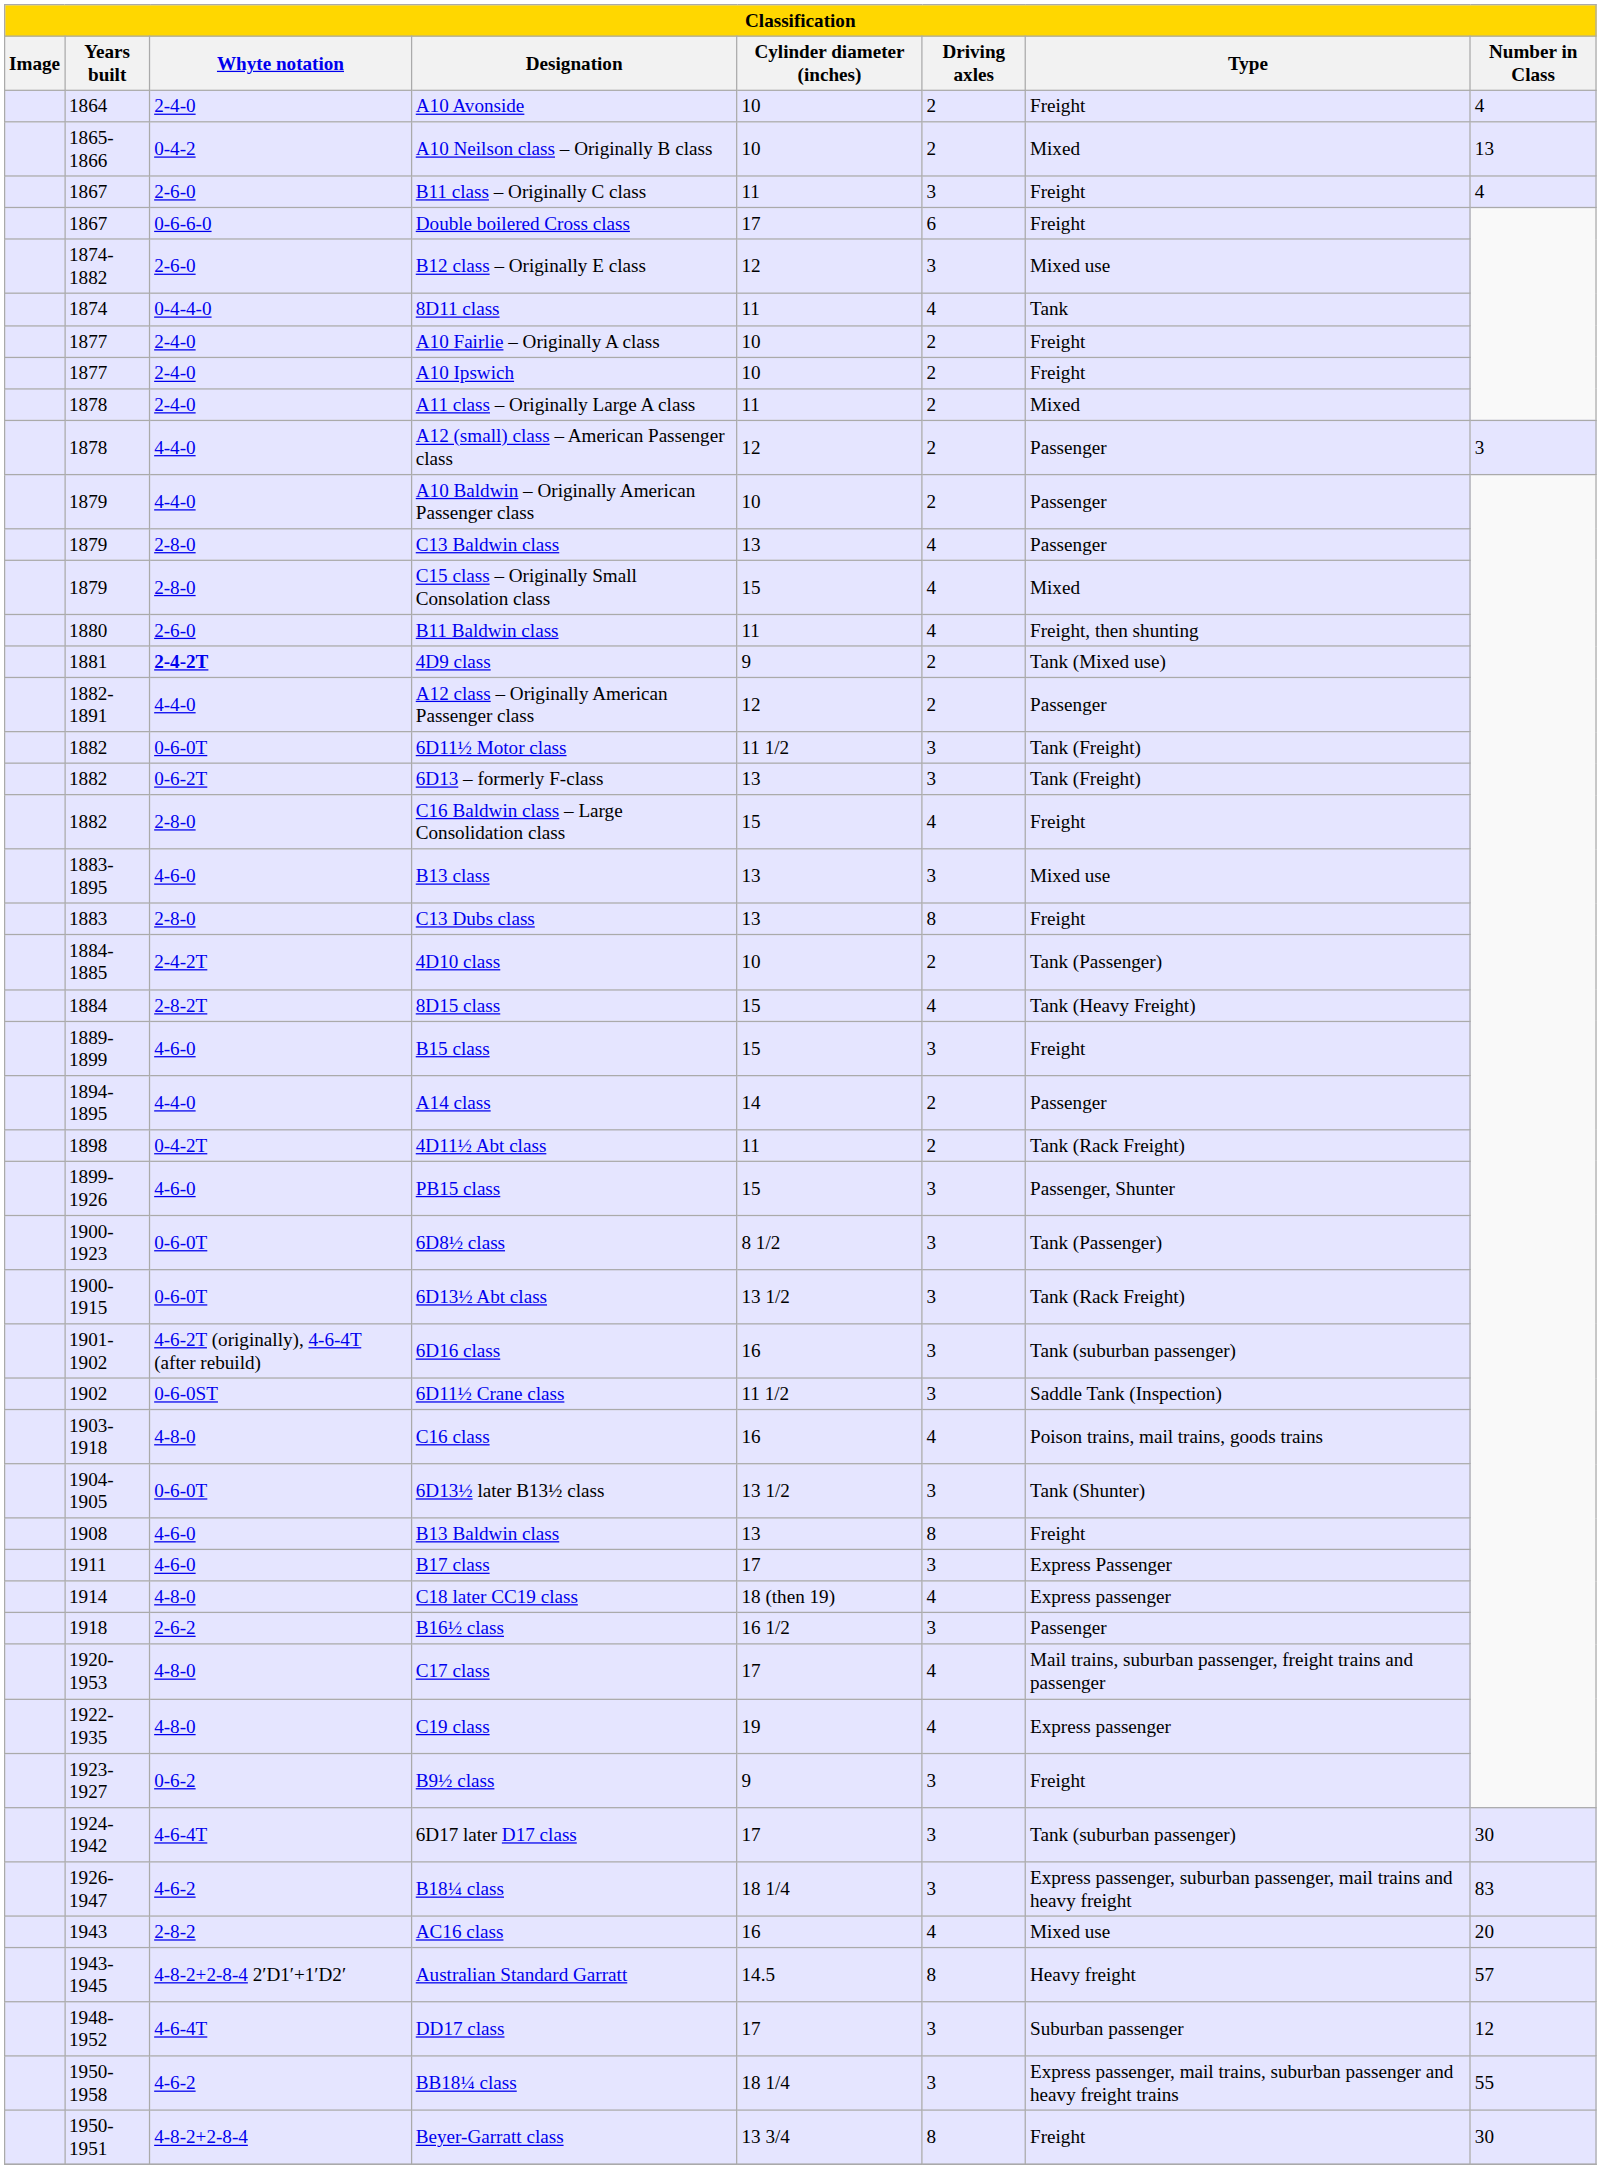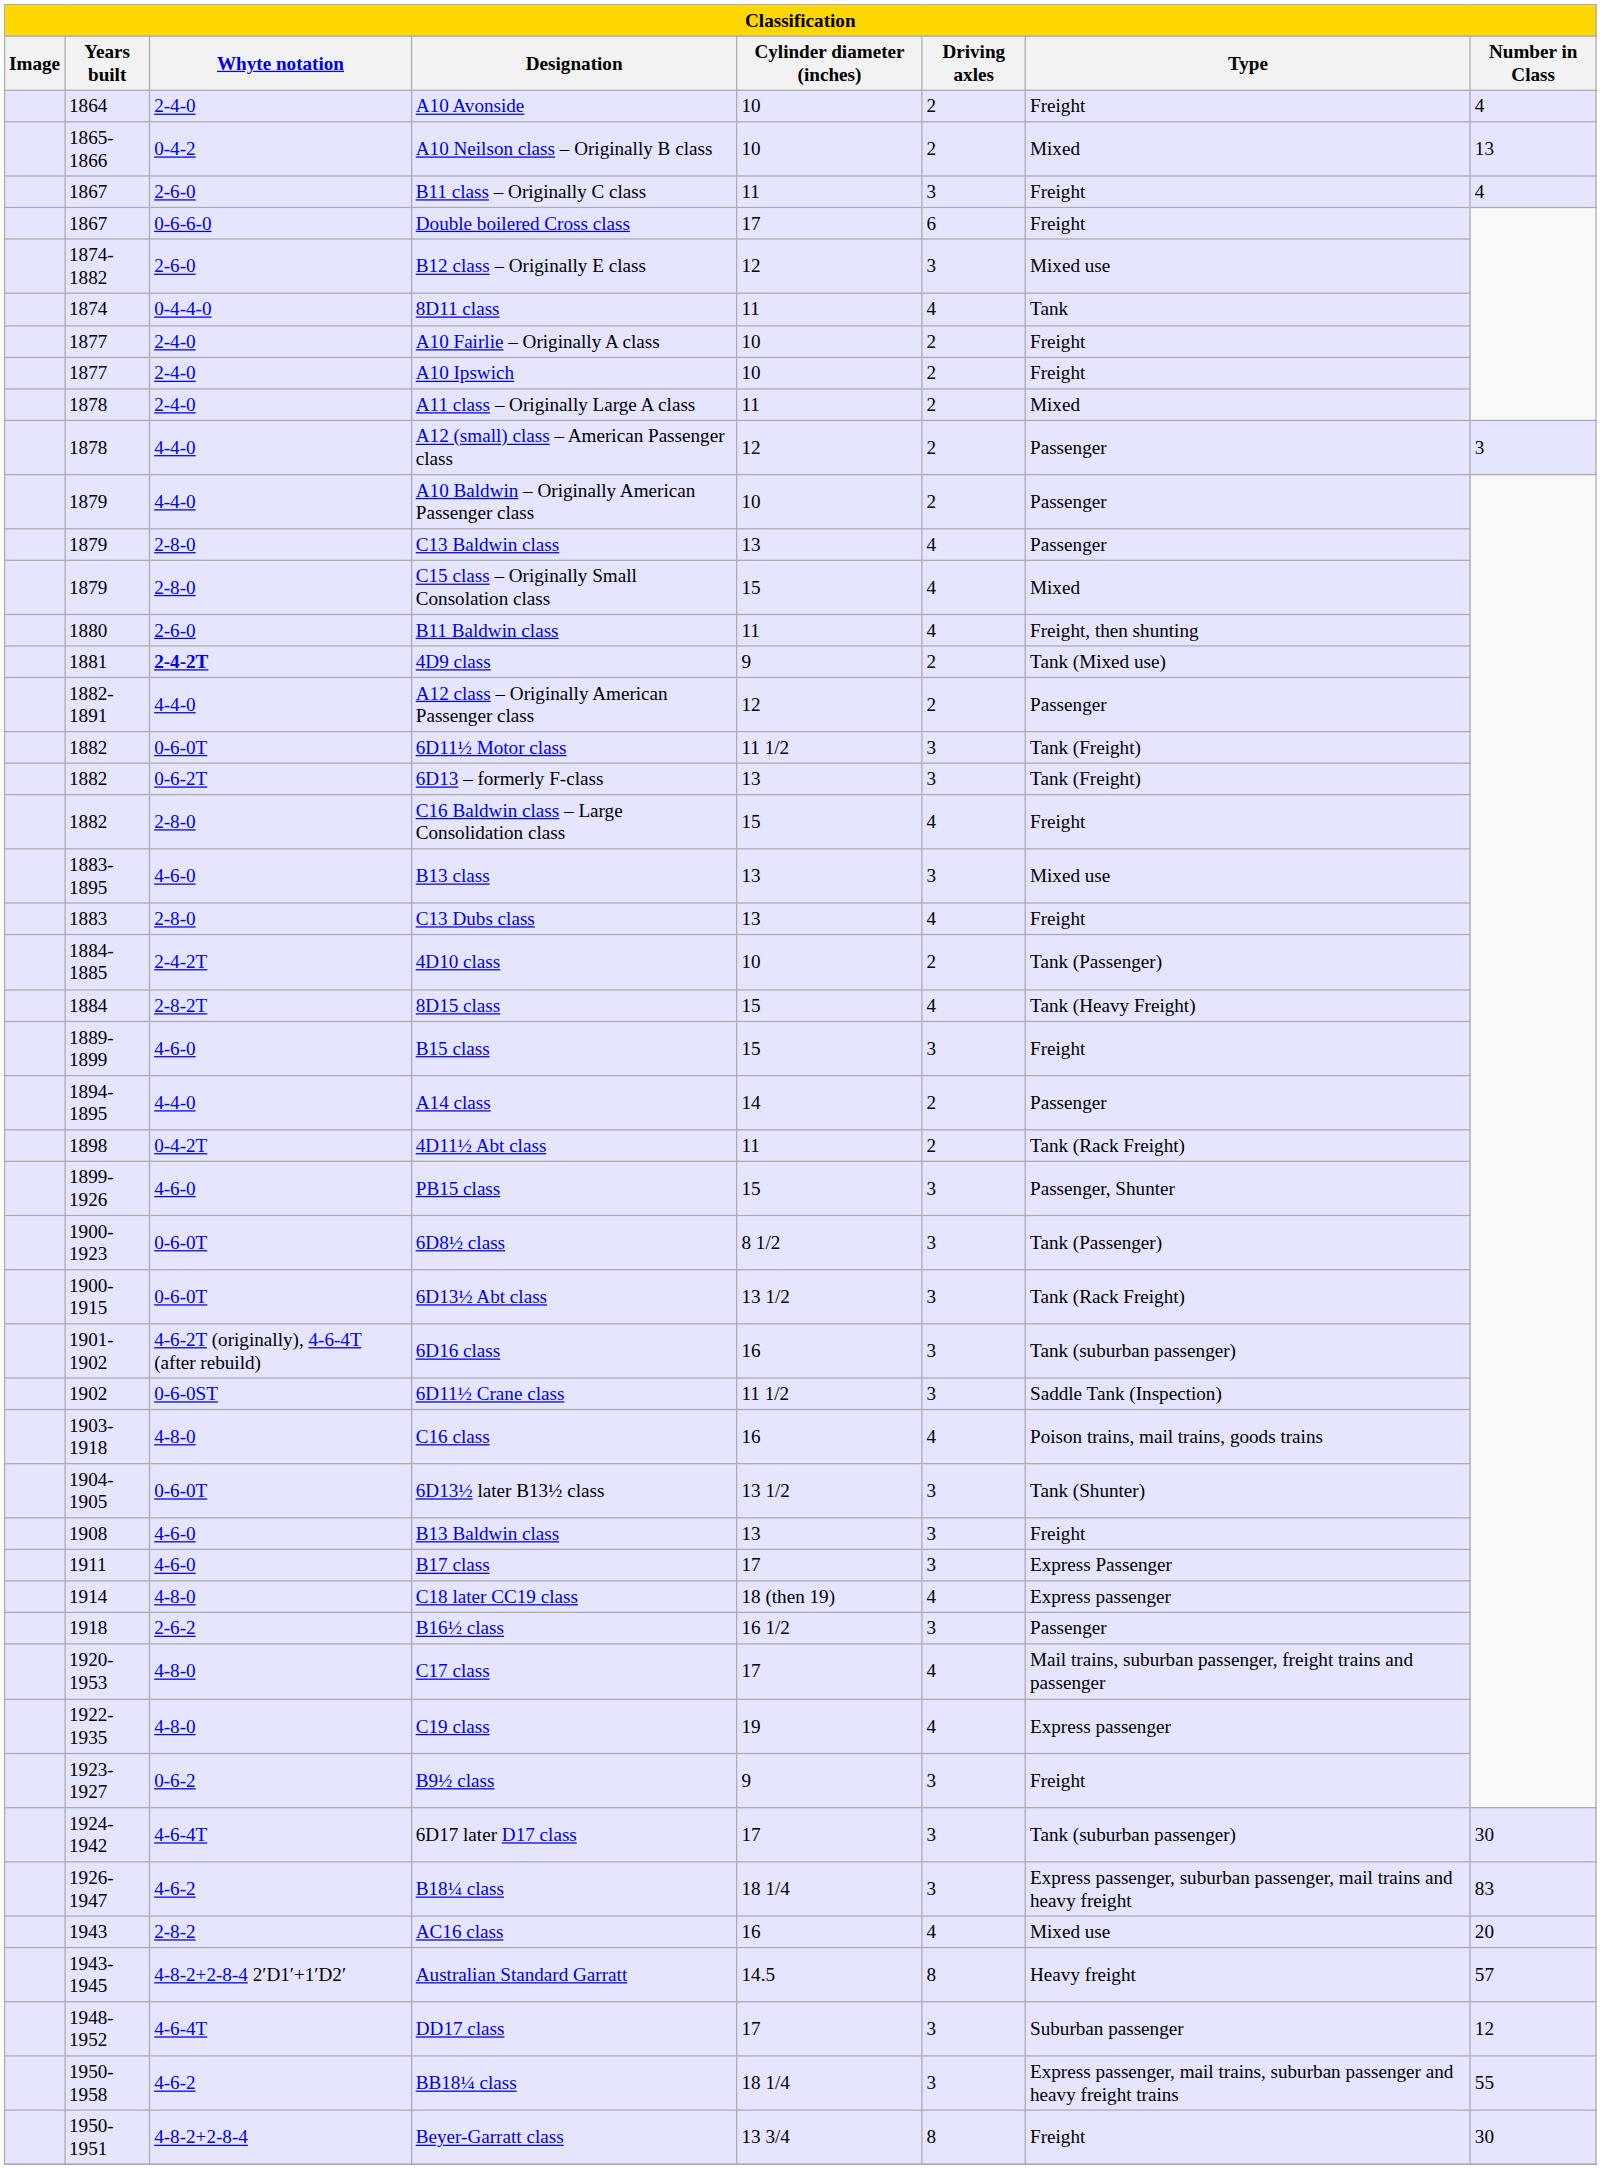 <table class=wikitable style="width: 100%; font-size:95%;”">
 <tr>
 <th colspan="8" style="background:gold;” ">Classification</th>
 </tr>
 <tr>
 <th>Image</th>
 <th>Years built</th>
 <th><a href='#'>Whyte notation</a></th>
 <th>Designation</th>
 <th>Cylinder diameter (inches)</th>
 <th>Driving axles</th>
 <th>Type</th>
 <th>Number in Class</th>
 </tr>
 <tr style="background:#E5E5FF";>
 <td></td>
 <td>1864</td>
 <td><a href='#'>2-4-0</a></td>
 <td><a href='#'>A10 Avonside</a></td>
 <td>10</td>
 <td>2</td>
 <td>Freight</td>
 <td>4</td>
 </tr>
 <tr style="background:#E5E5FF">
 <td></td>
 <td>1865-1866</td>
 <td><a href='#'>0-4-2</a></td>
 <td><a href='#'>A10 Neilson class</a> – Originally B class</td>
 <td>10</td>
 <td>2</td>
 <td>Mixed</td>
 <td>13</td>
 </tr>
 <tr style="background:#E5E5FF">
 <td></td>
 <td>1867</td>
 <td><a href='#'>2-6-0</a></td>
 <td><a href='#'>B11 class</a> – Originally C class</td>
 <td>11</td>
 <td>3</td>
 <td>Freight</td>
 <td>4</td>
 </tr>
 <tr style="background:#E5E5FF">
 <td></td>
 <td>1867</td>
 <td><a href='#'>0-6-6-0</a></td>
 <td><a href='#'>Double boilered Cross class</a></td>
 <td>17</td>
 <td>6</td>
 <td>Freight</td>
 </tr>
 <tr style="background:#E5E5FF">
 <td></td>
 <td>1874-1882</td>
 <td><a href='#'>2-6-0</a></td>
 <td><a href='#'>B12 class</a> – Originally E class</td>
 <td>12</td>
 <td>3</td>
 <td>Mixed use</td>
 </tr>
 <tr style="background:#E5E5FF">
 <td></td>
 <td>1874</td>
 <td><a href='#'>0-4-4-0</a></td>
 <td><a href='#'>8D11 class</a></td>
 <td>11</td>
 <td>4</td>
 <td>Tank</td>
 </tr>
 <tr style="background:#E5E5FF">
 <td></td>
 <td>1877</td>
 <td><a href='#'>2-4-0</a></td>
 <td><a href='#'>A10 Fairlie</a> – Originally A class</td>
 <td>10</td>
 <td>2</td>
 <td>Freight</td>
 </tr>
 <tr style="background:#E5E5FF">
 <td></td>
 <td>1877</td>
 <td><a href='#'>2-4-0</a></td>
 <td><a href='#'>A10 Ipswich</a></td>
 <td>10</td>
 <td>2</td>
 <td>Freight</td>
 </tr>
 <tr style="background:#E5E5FF">
 <td></td>
 <td>1878</td>
 <td><a href='#'>2-4-0</a></td>
 <td><a href='#'>A11 class</a> – Originally Large A class</td>
 <td>11</td>
 <td>2</td>
 <td>Mixed</td>
 </tr>
 <tr style="background:#E5E5FF">
 <td></td>
 <td>1878</td>
 <td><a href='#'>4-4-0</a></td>
 <td><a href='#'>A12 (small) class</a> – American Passenger class</td>
 <td>12</td>
 <td>2</td>
 <td>Passenger</td>
 <td>3</td>
 </tr>
 <tr style="background:#E5E5FF">
 <td></td>
 <td>1879</td>
 <td><a href='#'>4-4-0</a></td>
 <td><a href='#'>A10 Baldwin</a> – Originally American Passenger class</td>
 <td>10</td>
 <td>2</td>
 <td>Passenger</td>
 </tr>
 <tr style="background:#E5E5FF">
 <td></td>
 <td>1879</td>
 <td><a href='#'>2-8-0</a></td>
 <td><a href='#'>C13 Baldwin class</a></td>
 <td>13</td>
 <td>4</td>
 <td>Passenger</td>
 </tr>
 <tr style="background:#E5E5FF">
 <td></td>
 <td>1879</td>
 <td><a href='#'>2-8-0</a></td>
 <td><a href='#'>C15 class</a>  – Originally Small Consolation class</td>
 <td>15</td>
 <td>4</td>
 <td>Mixed</td>
 </tr>
 <tr style="background:#E5E5FF">
 <td></td>
 <td>1880</td>
 <td><a href='#'>2-6-0</a></td>
 <td><a href='#'>B11 Baldwin class</a></td>
 <td>11</td>
 <td>4</td>
 <td>Freight, then shunting</td>
 </tr>
 <tr style="background:#E5E5FF">
 <td></td>
 <td>1881</td>
 <td><strong><a href='#'>2-4-2T</a></strong></td>
 <td><a href='#'>4D9 class</a></td>
 <td>9</td>
 <td>2</td>
 <td>Tank (Mixed use)</td>
 </tr>
 <tr style="background:#E5E5FF">
 <td></td>
 <td>1882-1891</td>
 <td><a href='#'>4-4-0</a></td>
 <td><a href='#'>A12 class</a> – Originally American Passenger class</td>
 <td>12</td>
 <td>2</td>
 <td>Passenger</td>
 </tr>
 <tr style="background:#E5E5FF">
 <td></td>
 <td>1882</td>
 <td><a href='#'>0-6-0T</a></td>
 <td><a href='#'>6D11½ Motor class</a></td>
 <td>11 1/2</td>
 <td>3</td>
 <td>Tank (Freight)</td>
 </tr>
 <tr style="background:#E5E5FF">
 <td></td>
 <td>1882</td>
 <td><a href='#'>0-6-2T</a></td>
 <td><a href='#'>6D13</a> – formerly F-class</td>
 <td>13</td>
 <td>3</td>
 <td>Tank (Freight)</td>
 </tr>
 <tr style="background:#E5E5FF">
 <td></td>
 <td>1882</td>
 <td><a href='#'>2-8-0</a></td>
 <td><a href='#'>C16 Baldwin class</a> – Large Consolidation class</td>
 <td>15</td>
 <td>4</td>
 <td>Freight</td>
 </tr>
 <tr style="background:#E5E5FF">
 <td></td>
 <td>1883-1895</td>
 <td><a href='#'>4-6-0</a></td>
 <td><a href='#'>B13 class</a></td>
 <td>13</td>
 <td>3</td>
 <td>Mixed use</td>
 </tr>
 <tr style="background:#E5E5FF">
 <td></td>
 <td>1883</td>
 <td><a href='#'>2-8-0</a></td>
 <td><a href='#'>C13 Dubs class</a></td>
 <td>13</td>
-<td>8</td>
+<td>4</td>
 <td>Freight</td>
 </tr>
 <tr style="background:#E5E5FF">
 <td></td>
 <td>1884-1885</td>
 <td><a href='#'>2-4-2T</a></td>
 <td><a href='#'>4D10 class</a></td>
 <td>10</td>
 <td>2</td>
 <td>Tank (Passenger)</td>
 </tr>
 <tr style="background:#E5E5FF">
 <td></td>
 <td>1884</td>
 <td><a href='#'>2-8-2T</a></td>
 <td><a href='#'>8D15 class</a></td>
 <td>15</td>
 <td>4</td>
 <td>Tank (Heavy Freight)</td>
 </tr>
 <tr style="background:#E5E5FF">
 <td></td>
 <td>1889-1899</td>
 <td><a href='#'>4-6-0</a></td>
 <td><a href='#'>B15 class</a></td>
 <td>15</td>
 <td>3</td>
 <td>Freight</td>
 </tr>
 <tr style="background:#E5E5FF">
 <td></td>
 <td>1894-1895</td>
 <td><a href='#'>4-4-0</a></td>
 <td><a href='#'>A14 class</a></td>
 <td>14</td>
 <td>2</td>
 <td>Passenger</td>
 </tr>
 <tr style="background:#E5E5FF">
 <td></td>
 <td>1898</td>
 <td><a href='#'>0-4-2T</a></td>
 <td><a href='#'>4D11½ Abt class</a></td>
 <td>11</td>
 <td>2</td>
 <td>Tank (Rack Freight)</td>
 </tr>
 <tr style="background:#E5E5FF">
 <td></td>
 <td>1899-1926</td>
 <td><a href='#'>4-6-0</a></td>
 <td><a href='#'>PB15 class</a></td>
 <td>15</td>
 <td>3</td>
 <td>Passenger, Shunter</td>
 </tr>
 <tr style="background:#E5E5FF">
 <td></td>
 <td>1900-1923</td>
 <td><a href='#'>0-6-0T</a></td>
 <td><a href='#'>6D8½ class</a></td>
 <td>8 1/2</td>
 <td>3</td>
 <td>Tank (Passenger)</td>
 </tr>
 <tr style="background:#E5E5FF">
 <td></td>
 <td>1900-1915</td>
 <td><a href='#'>0-6-0T</a></td>
 <td><a href='#'>6D13½ Abt class</a></td>
 <td>13 1/2</td>
 <td>3</td>
 <td>Tank (Rack Freight)</td>
 </tr>
 <tr style="background:#E5E5FF">
 <td></td>
 <td>1901-1902</td>
 <td><a href='#'>4-6-2T</a> (originally), <a href='#'>4-6-4T</a> (after rebuild)</td>
 <td><a href='#'>6D16 class</a></td>
 <td>16</td>
 <td>3</td>
 <td>Tank (suburban passenger)</td>
 </tr>
 <tr style="background:#E5E5FF">
 <td></td>
 <td>1902</td>
 <td><a href='#'>0-6-0ST</a></td>
 <td><a href='#'>6D11½ Crane class</a></td>
 <td>11 1/2</td>
 <td>3</td>
 <td>Saddle Tank (Inspection)</td>
 </tr>
 <tr style="background:#E5E5FF">
 <td></td>
 <td>1903-1918</td>
 <td><a href='#'>4-8-0</a></td>
 <td><a href='#'>C16 class</a></td>
 <td>16</td>
 <td>4</td>
 <td>Poison trains, mail trains, goods trains</td>
 </tr>
 <tr style="background:#E5E5FF">
 <td></td>
 <td>1904-1905</td>
 <td><a href='#'>0-6-0T</a></td>
 <td><a href='#'>6D13½</a> later B13½ class</td>
 <td>13 1/2</td>
 <td>3</td>
 <td>Tank (Shunter)</td>
 </tr>
 <tr style="background:#E5E5FF">
 <td></td>
 <td>1908</td>
 <td><a href='#'>4-6-0</a></td>
 <td><a href='#'>B13 Baldwin class</a></td>
 <td>13</td>
-<td>8</td>
+<td>3</td>
 <td>Freight</td>
 </tr>
 <tr style="background:#E5E5FF">
 <td></td>
 <td>1911</td>
 <td><a href='#'>4-6-0</a></td>
 <td><a href='#'>B17 class</a></td>
 <td>17</td>
 <td>3</td>
 <td>Express Passenger</td>
 </tr>
 <tr style="background:#E5E5FF">
 <td></td>
 <td>1914</td>
 <td><a href='#'>4-8-0</a></td>
 <td><a href='#'>C18 later CC19 class</a></td>
 <td>18 (then 19)</td>
 <td>4</td>
 <td>Express passenger</td>
 </tr>
 <tr style="background:#E5E5FF">
 <td></td>
 <td>1918</td>
 <td><a href='#'>2-6-2</a></td>
 <td><a href='#'>B16½ class</a></td>
 <td>16 1/2</td>
 <td>3</td>
 <td>Passenger</td>
 </tr>
 <tr style="background:#E5E5FF">
 <td></td>
 <td>1920-1953</td>
 <td><a href='#'>4-8-0</a></td>
 <td><a href='#'>C17 class</a></td>
 <td>17</td>
 <td>4</td>
 <td>Mail trains, suburban passenger, freight trains and passenger</td>
 </tr>
 <tr style="background:#E5E5FF">
 <td></td>
 <td>1922-1935</td>
 <td><a href='#'>4-8-0</a></td>
 <td><a href='#'>C19 class</a></td>
 <td>19</td>
 <td>4</td>
 <td>Express passenger</td>
 </tr>
 <tr style="background:#E5E5FF">
 <td></td>
 <td>1923-1927</td>
 <td><a href='#'>0-6-2</a></td>
 <td><a href='#'>B9½ class</a></td>
 <td>9</td>
 <td>3</td>
 <td>Freight</td>
 </tr>
 <tr style="background:#E5E5FF">
 <td></td>
 <td>1924-1942</td>
 <td><a href='#'>4-6-4T</a></td>
 <td>6D17 later <a href='#'>D17 class</a></td>
 <td>17</td>
 <td>3</td>
 <td>Tank (suburban passenger)</td>
 <td>30</td>
 </tr>
 <tr style="background:#E5E5FF">
 <td></td>
 <td>1926-1947</td>
 <td><a href='#'>4-6-2</a></td>
 <td><a href='#'>B18¼ class</a></td>
 <td>18 1/4</td>
 <td>3</td>
 <td>Express passenger, suburban passenger, mail trains and heavy freight</td>
 <td>83</td>
 </tr>
 <tr style="background:#E5E5FF">
 <td></td>
 <td>1943</td>
 <td><a href='#'>2-8-2</a></td>
 <td><a href='#'>AC16 class</a></td>
 <td>16</td>
 <td>4</td>
 <td>Mixed use</td>
 <td>20</td>
 </tr>
 <tr style="background:#E5E5FF">
 <td></td>
 <td>1943-1945</td>
 <td><a href='#'>4-8-2+2-8-4</a> 2′D1′+1′D2′</td>
 <td><a href='#'>Australian Standard Garratt</a></td>
 <td>14.5</td>
 <td>8</td>
 <td>Heavy freight</td>
 <td>57</td>
 </tr>
 <tr style="background:#E5E5FF">
 <td></td>
 <td>1948-1952</td>
 <td><a href='#'>4-6-4T</a></td>
 <td><a href='#'>DD17 class</a></td>
 <td>17</td>
 <td>3</td>
 <td>Suburban passenger</td>
 <td>12</td>
 </tr>
 <tr style="background:#E5E5FF">
 <td></td>
 <td>1950-1958</td>
 <td><a href='#'>4-6-2</a></td>
 <td><a href='#'>BB18¼ class</a></td>
 <td>18 1/4</td>
 <td>3</td>
 <td>Express passenger, mail trains, suburban passenger and heavy freight trains</td>
 <td>55</td>
 </tr>
 <tr style="background:#E5E5FF">
 <td></td>
 <td>1950-1951</td>
 <td><a href='#'>4-8-2+2-8-4</a></td>
 <td><a href='#'>Beyer-Garratt class</a></td>
 <td>13 3/4</td>
 <td>8</td>
 <td>Freight</td>
 <td>30</td>
 </tr>
 <tr>
 </tr>
 </table>
